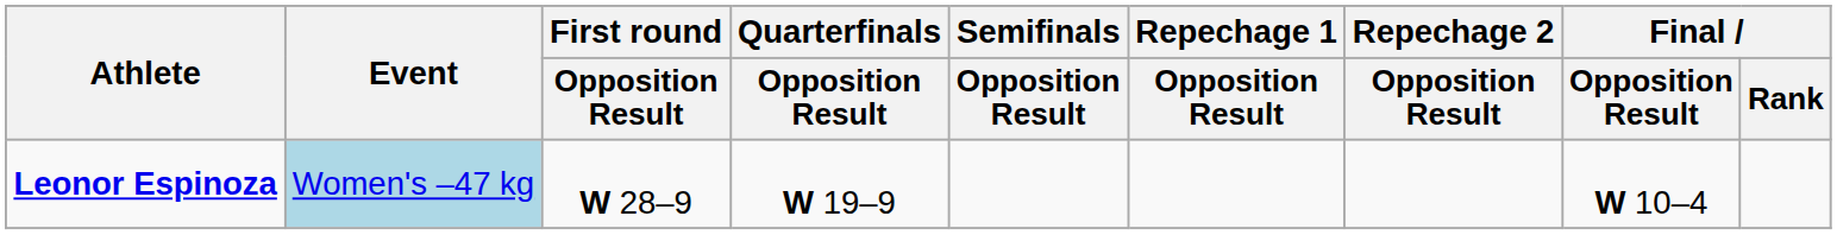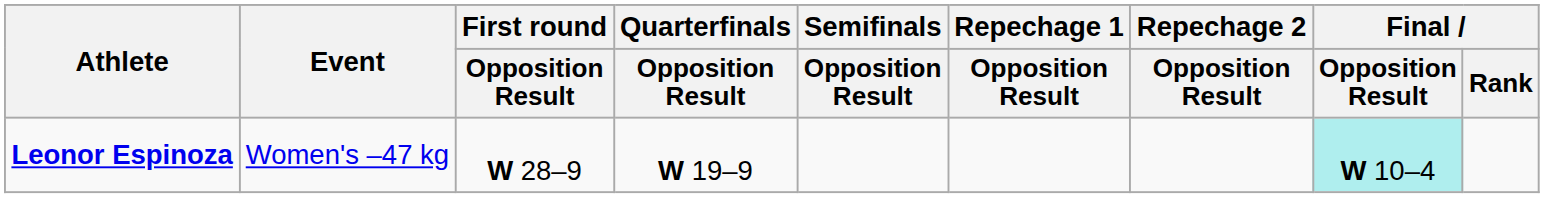 <table class="wikitable" style="font-size:90%;">
 <tr>
 <th rowspan=2>Athlete</th>
 <th rowspan=2>Event</th>
 <th>First round</th>
 <th>Quarterfinals</th>
 <th>Semifinals</th>
 <th>Repechage 1</th>
 <th>Repechage 2</th>
 <th colspan=2>Final / </th>
 </tr>
 <tr style="font-size:95%">
 <th>Opposition<br>Result</th>
 <th>Opposition<br>Result</th>
 <th>Opposition<br>Result</th>
 <th>Opposition<br>Result</th>
 <th>Opposition<br>Result</th>
 <th>Opposition<br>Result</th>
 <th>Rank</th>
 </tr>
 <tr align=center>
 <td align=left><strong><a href='#'>Leonor Espinoza</a></strong></td>
-<td align=left style="background: lightblue;"><a href='#'>Women's –47 kg</a></td>
+<td align=left><a href='#'>Women's –47 kg</a></td>
 <td><br><strong>W</strong> 28–9</td>
 <td><br><strong>W</strong> 19–9</td>
 <td><br> <strong></strong></td>
 <td></td>
 <td></td>
-<td><br><strong>W</strong> 10–4</td>
+<td style="background: paleturquoise;"><br><strong>W</strong> 10–4</td>
 <td></td>
 </tr>
 </table>
